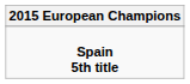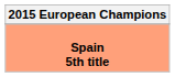 <table class="wikitable" style="text-align: center; margin: 0 auto;">
 <tr>
 <th>2015 European Champions</th>
 </tr>
 <tr>
 </tr>
 <tr>
-<td><br><strong>Spain</strong><br><strong>5th title</strong></td>
+<td style="background: lightsalmon;"><br><strong>Spain</strong><br><strong>5th title</strong></td>
 </tr>
 </table>
